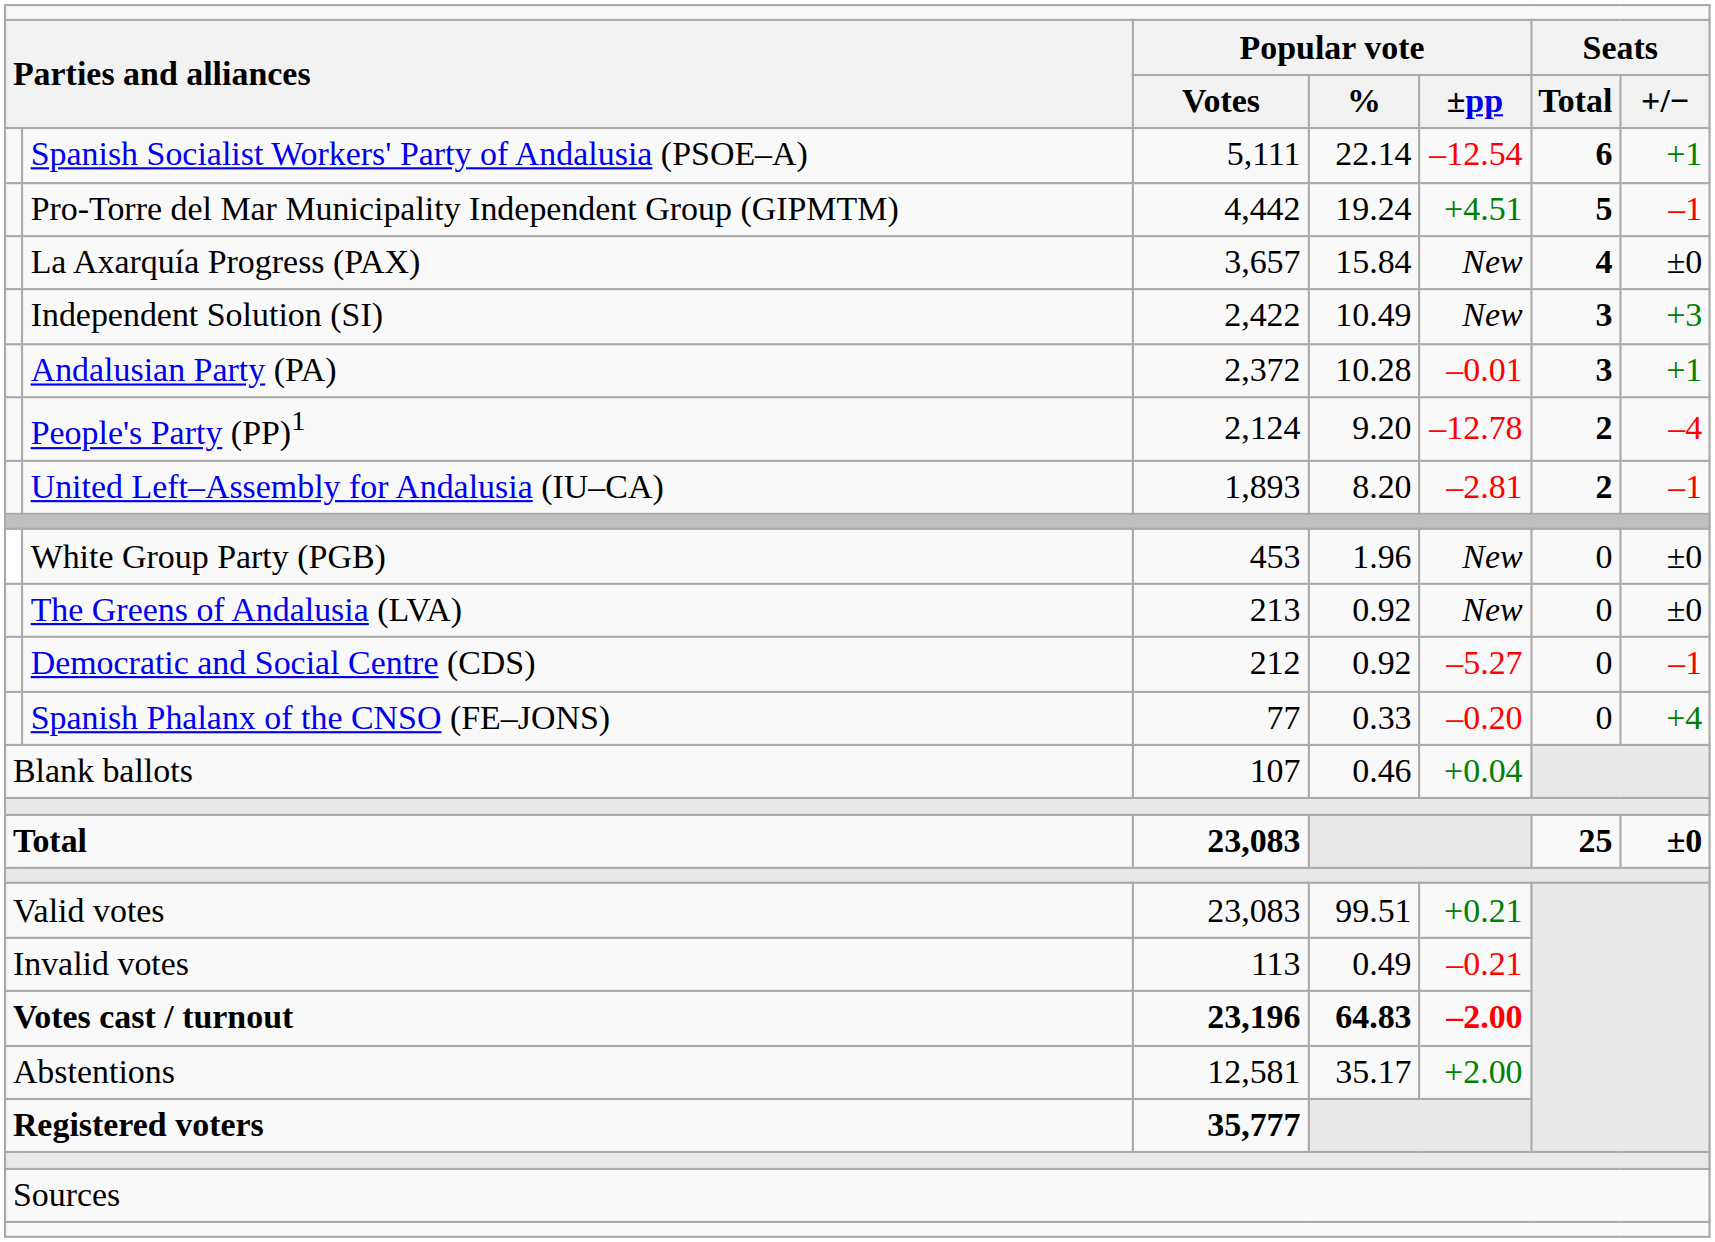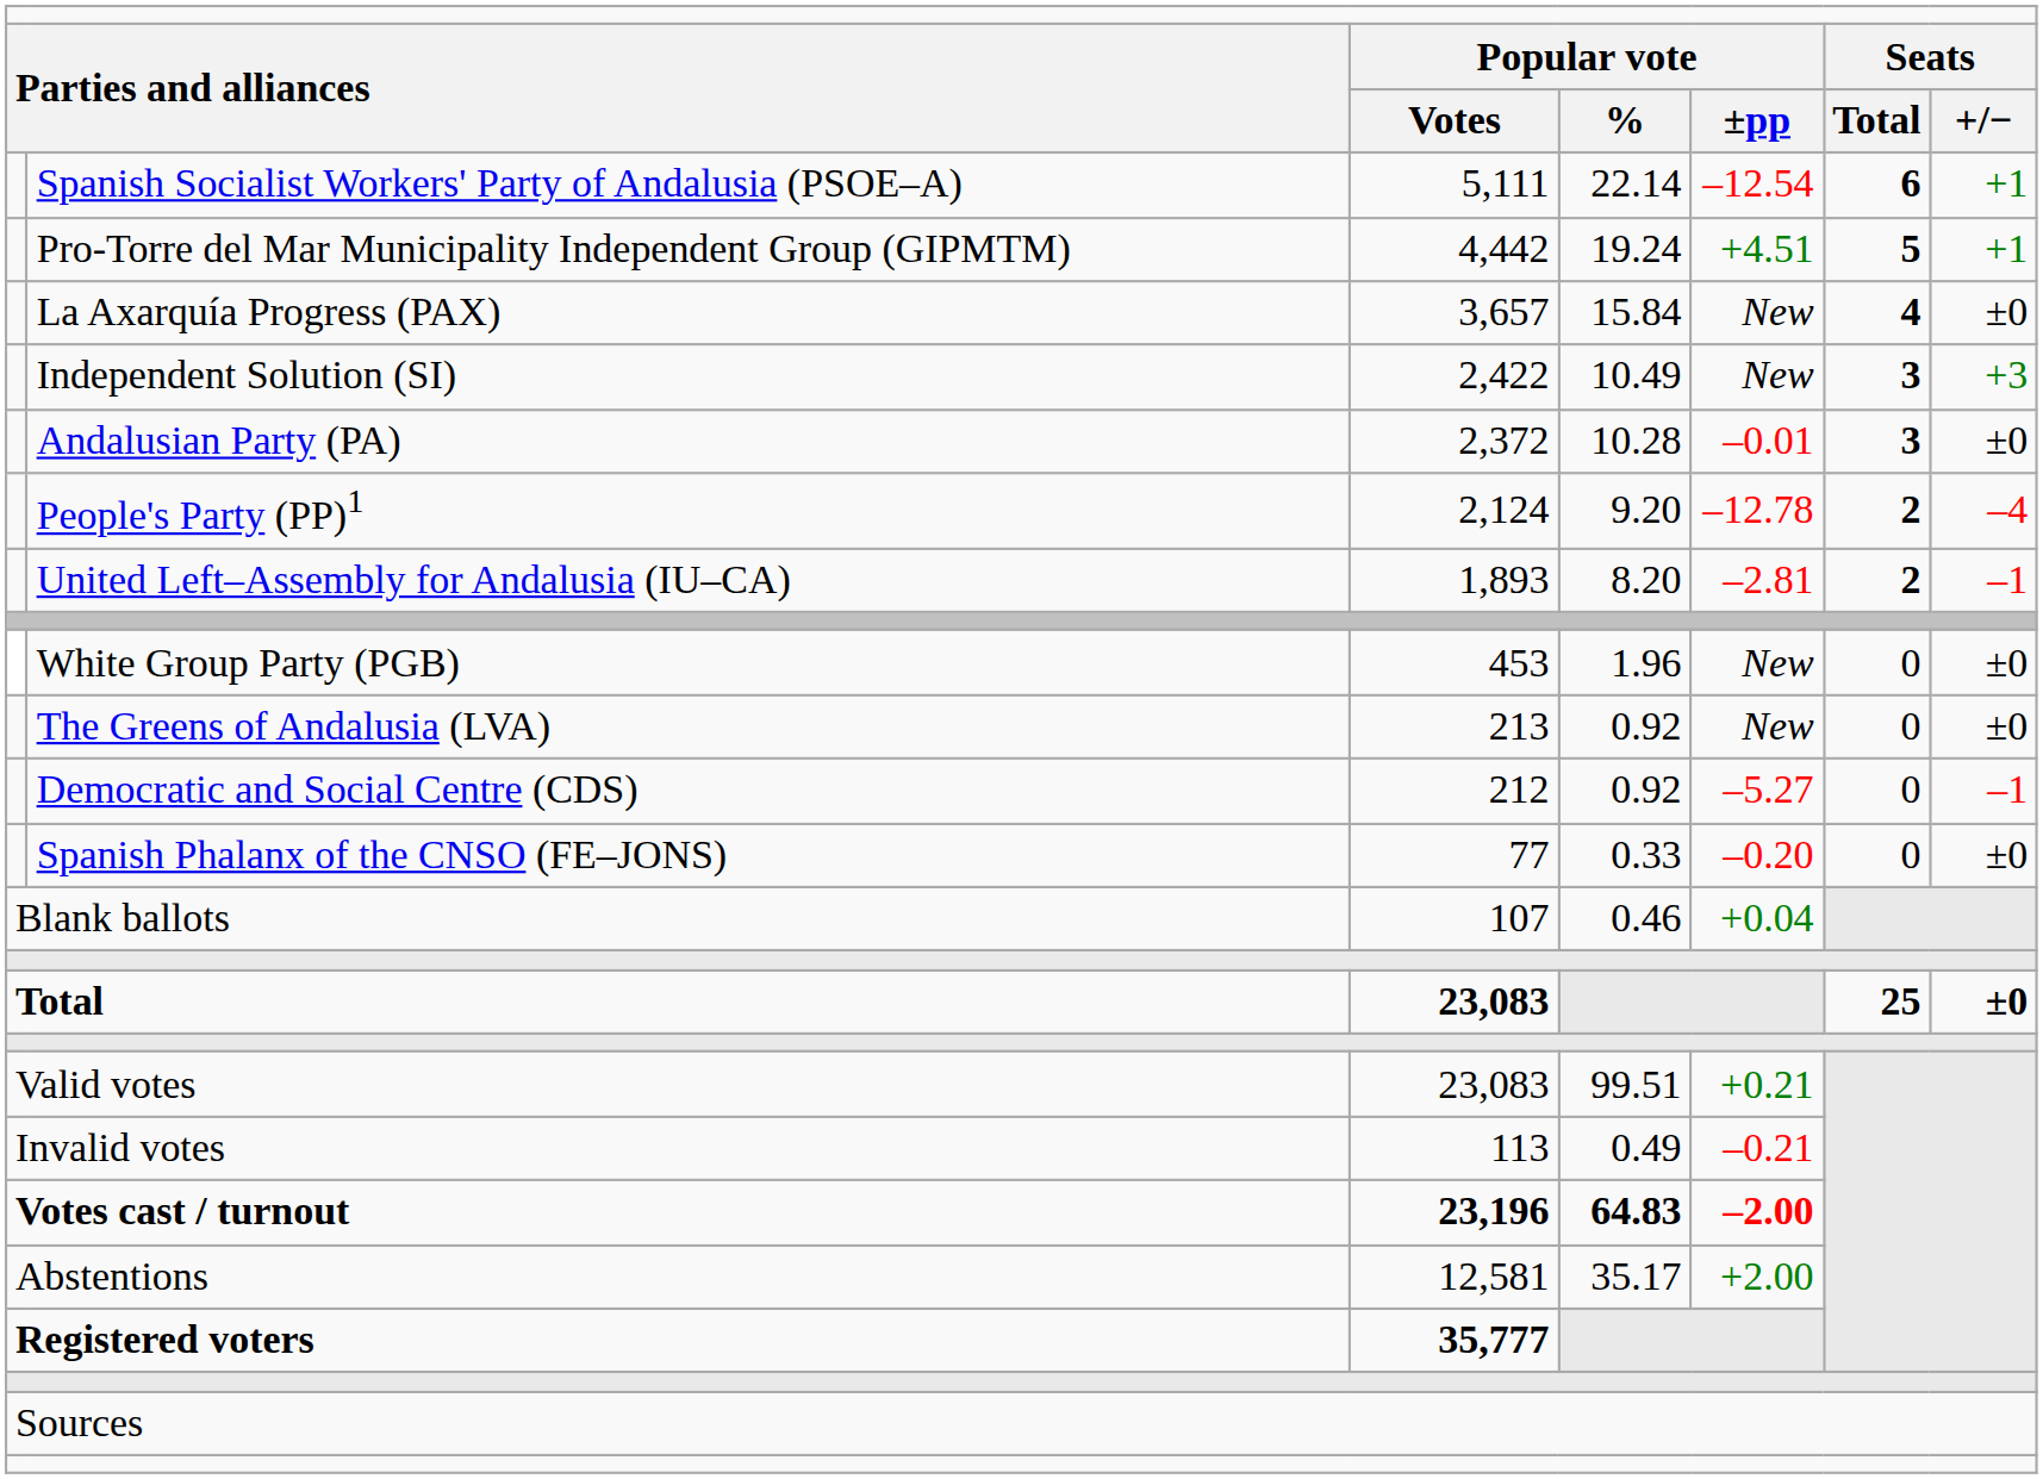 <table class="wikitable" style="text-align:right;">
 <tr>
 <td colspan="7"></td>
 </tr>
 <tr>
 <th style="text-align:left;" rowspan="2" colspan="2" width="525">Parties and alliances</th>
 <th colspan="3">Popular vote</th>
 <th colspan="2">Seats</th>
 </tr>
 <tr>
 <th width="75">Votes</th>
 <th width="45">%</th>
 <th width="45">±<a href='#'>pp</a></th>
 <th width="35">Total</th>
 <th width="35">+/−</th>
 </tr>
 <tr>
 <td width="1" style="color:inherit;background:"></td>
 <td align="left"><a href='#'>Spanish Socialist Workers' Party of Andalusia</a> (PSOE–A)</td>
 <td>5,111</td>
 <td>22.14</td>
 <td style="color:red;">–12.54</td>
 <td><strong>6</strong></td>
 <td style="color:green;">+1</td>
 </tr>
 <tr>
 <td style="color:inherit;background:"></td>
 <td align="left">Pro-Torre del Mar Municipality Independent Group (GIPMTM)</td>
 <td>4,442</td>
 <td>19.24</td>
 <td style="color:green;">+4.51</td>
 <td><strong>5</strong></td>
-<td style="color:red;">–1</td>
+<td style="color:green;">+1</td>
 </tr>
 <tr>
 <td style="color:inherit;background:"></td>
 <td align="left">La Axarquía Progress (PAX)</td>
 <td>3,657</td>
 <td>15.84</td>
 <td><em>New</em></td>
 <td><strong>4</strong></td>
 <td>±0</td>
 </tr>
 <tr>
 <td style="color:inherit;background:"></td>
 <td align="left">Independent Solution (SI)</td>
 <td>2,422</td>
 <td>10.49</td>
 <td><em>New</em></td>
 <td><strong>3</strong></td>
 <td style="color:green;">+3</td>
 </tr>
 <tr>
 <td style="color:inherit;background:"></td>
 <td align="left"><a href='#'>Andalusian Party</a> (PA)</td>
 <td>2,372</td>
 <td>10.28</td>
 <td style="color:red;">–0.01</td>
 <td><strong>3</strong></td>
-<td style="color:green;">+1</td>
+<td>±0</td>
 </tr>
 <tr>
 <td style="color:inherit;background:"></td>
 <td align="left"><a href='#'>People's Party</a> (PP)<sup>1</sup></td>
 <td>2,124</td>
 <td>9.20</td>
 <td style="color:red;">–12.78</td>
 <td><strong>2</strong></td>
 <td style="color:red;">–4</td>
 </tr>
 <tr>
 <td style="color:inherit;background:"></td>
 <td align="left"><a href='#'>United Left–Assembly for Andalusia</a> (IU–CA)</td>
 <td>1,893</td>
 <td>8.20</td>
 <td style="color:red;">–2.81</td>
 <td><strong>2</strong></td>
 <td style="color:red;">–1</td>
 </tr>
 <tr>
 <td colspan="7" bgcolor="#C0C0C0"></td>
 </tr>
 <tr>
 <td bgcolor="white"></td>
 <td align="left">White Group Party (PGB)</td>
 <td>453</td>
 <td>1.96</td>
 <td><em>New</em></td>
 <td>0</td>
 <td>±0</td>
 </tr>
 <tr>
 <td style="color:inherit;background:"></td>
 <td align="left"><a href='#'>The Greens of Andalusia</a> (LVA)</td>
 <td>213</td>
 <td>0.92</td>
 <td><em>New</em></td>
 <td>0</td>
 <td>±0</td>
 </tr>
 <tr>
 <td style="color:inherit;background:"></td>
 <td align="left"><a href='#'>Democratic and Social Centre</a> (CDS)</td>
 <td>212</td>
 <td>0.92</td>
 <td style="color:red;">–5.27</td>
 <td>0</td>
 <td style="color:red;">–1</td>
 </tr>
 <tr>
 <td style="color:inherit;background:"></td>
 <td align="left"><a href='#'>Spanish Phalanx of the CNSO</a> (FE–JONS)</td>
 <td>77</td>
 <td>0.33</td>
 <td style="color:red;">–0.20</td>
 <td>0</td>
-<td style="color:green;">+4</td>
+<td>±0</td>
 </tr>
 <tr>
 <td align="left" colspan="2">Blank ballots</td>
 <td>107</td>
 <td>0.46</td>
 <td style="color:green;">+0.04</td>
 <td bgcolor="#E9E9E9" colspan="2"></td>
 </tr>
 <tr>
 <td colspan="7" bgcolor="#E9E9E9"></td>
 </tr>
 <tr style="font-weight:bold;">
 <td align="left" colspan="2">Total</td>
 <td>23,083</td>
 <td bgcolor="#E9E9E9" colspan="2"></td>
 <td>25</td>
 <td>±0</td>
 </tr>
 <tr>
 <td colspan="7" bgcolor="#E9E9E9"></td>
 </tr>
 <tr>
 <td align="left" colspan="2">Valid votes</td>
 <td>23,083</td>
 <td>99.51</td>
 <td style="color:green;">+0.21</td>
 <td bgcolor="#E9E9E9" colspan="2" rowspan="5"></td>
 </tr>
 <tr>
 <td align="left" colspan="2">Invalid votes</td>
 <td>113</td>
 <td>0.49</td>
 <td style="color:red;">–0.21</td>
 </tr>
 <tr style="font-weight:bold;">
 <td align="left" colspan="2">Votes cast / turnout</td>
 <td>23,196</td>
 <td>64.83</td>
 <td style="color:red;">–2.00</td>
 </tr>
 <tr>
 <td align="left" colspan="2">Abstentions</td>
 <td>12,581</td>
 <td>35.17</td>
 <td style="color:green;">+2.00</td>
 </tr>
 <tr style="font-weight:bold;">
 <td align="left" colspan="2">Registered voters</td>
 <td>35,777</td>
 <td bgcolor="#E9E9E9" colspan="2"></td>
 </tr>
 <tr>
 <td colspan="7" bgcolor="#E9E9E9"></td>
 </tr>
 <tr>
 <td align="left" colspan="7">Sources</td>
 </tr>
 <tr>
 <td colspan="7" style="text-align:left; max-width:790px;"></td>
 </tr>
 </table>
